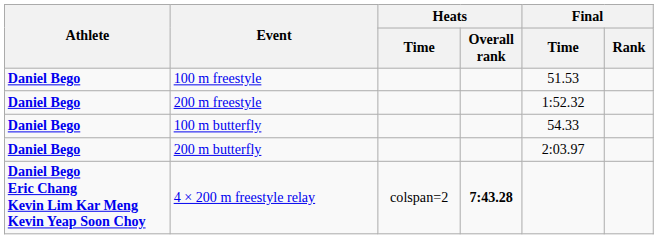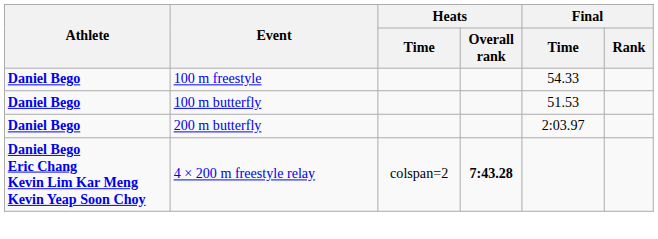 <table class="wikitable" width="75%" style="text-align:center; font-size:90%">
 <tr>
 <th rowspan="2" width="20%">Athlete</th>
 <th rowspan="2" width="25%">Event</th>
 <th colspan="2" width="15%">Heats</th>
 <th colspan="2" width="15%">Final</th>
 </tr>
 <tr>
 <th width="10%">Time</th>
 <th>Overall rank</th>
 <th width="10%">Time</th>
 <th>Rank</th>
 </tr>
 <tr>
 <td align=left><strong><a href='#'>Daniel Bego</a></strong></td>
 <td align=left><a href='#'>100 m freestyle</a></td>
 <td></td>
 <td></td>
-<td>51.53</td>
-<td></td>
-</tr>
-<tr>
-<td align=left><strong><a href='#'>Daniel Bego</a></strong></td>
-<td align=left><a href='#'>200 m freestyle</a></td>
-<td></td>
-<td></td>
-<td>1:52.32</td>
+<td>54.33</td>
 <td></td>
 </tr>
 <tr>
 <td align=left><strong><a href='#'>Daniel Bego</a></strong></td>
 <td align=left><a href='#'>100 m butterfly</a></td>
 <td></td>
 <td></td>
-<td>54.33</td>
+<td>51.53</td>
 <td></td>
 </tr>
 <tr>
 <td align=left><strong><a href='#'>Daniel Bego</a></strong></td>
 <td align=left><a href='#'>200 m butterfly</a></td>
 <td></td>
 <td></td>
 <td>2:03.97</td>
 <td></td>
 </tr>
 <tr>
 <td align=left><strong><a href='#'>Daniel Bego</a><br><a href='#'>Eric Chang</a><br><a href='#'>Kevin Lim Kar Meng</a><br><a href='#'>Kevin Yeap Soon Choy</a></strong></td>
 <td align=left><a href='#'>4 × 200 m freestyle relay</a></td>
 <td>colspan=2 </td>
 <td><strong>7:43.28</strong></td>
 <td></td>
 </tr>
 </table>
